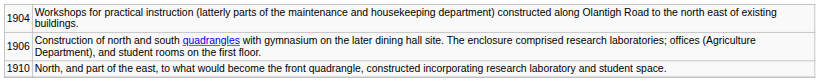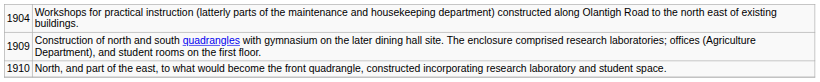 <table class="wikitable">
 <tr>
 <td>1904</td>
 <td>Workshops for practical instruction (latterly parts of the maintenance and housekeeping department) constructed along Olantigh Road to the north east of existing buildings.</td>
 </tr>
 <tr>
-<td>1906</td>
+<td>1909</td>
 <td>Construction of north and south <a href='#'>quadrangles</a> with gymnasium on the later dining hall site. The enclosure comprised research laboratories; offices (Agriculture Department), and student rooms on the first floor.</td>
 </tr>
 <tr>
 <td>1910</td>
 <td>North, and part of the east, to what would become the front quadrangle, constructed incorporating research laboratory and student space.</td>
 </tr>
 <tr>
 </tr>
 </table>
